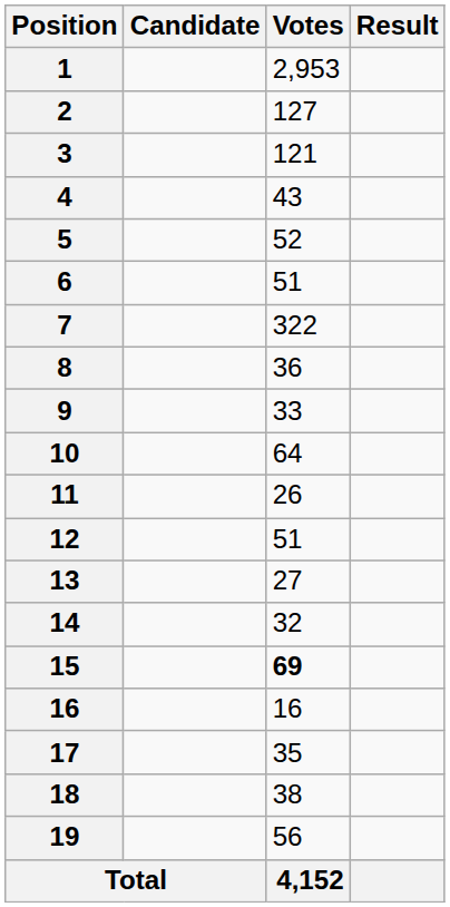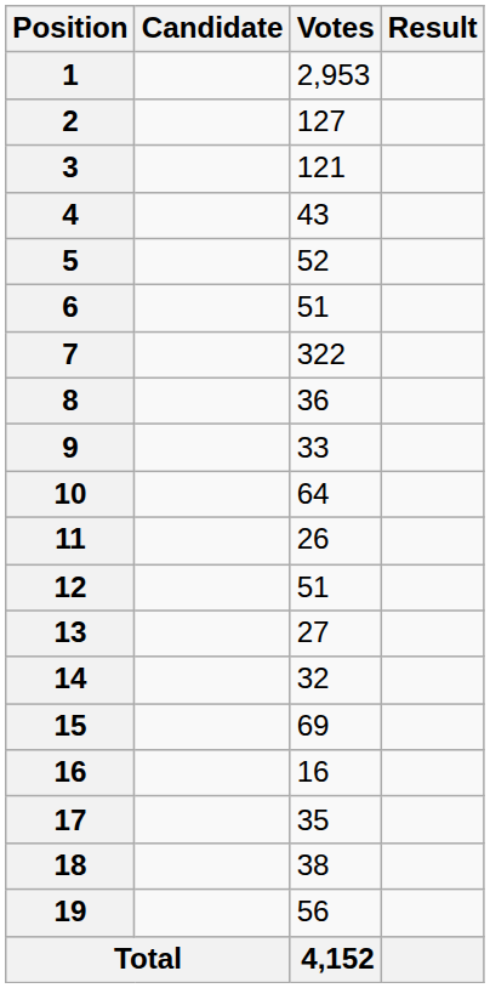 <table class="wikitable sortable col3right">
 <tr>
 <th scope="col">Position</th>
 <th scope="col">Candidate</th>
 <th scope="col">Votes</th>
 <th scope="col">Result</th>
 </tr>
 <tr>
 <th scope="row">1</th>
 <td></td>
 <td>2,953</td>
 <td></td>
 </tr>
 <tr>
 <th scope="row">2</th>
 <td></td>
 <td>127</td>
 <td></td>
 </tr>
 <tr>
 <th scope="row">3</th>
 <td></td>
 <td>121</td>
 <td></td>
 </tr>
 <tr>
 <th scope="row">4</th>
 <td></td>
 <td>43</td>
 <td></td>
 </tr>
 <tr>
 <th scope="row">5</th>
 <td></td>
 <td>52</td>
 <td></td>
 </tr>
 <tr>
 <th scope="row">6</th>
 <td></td>
 <td>51</td>
 <td></td>
 </tr>
 <tr>
 <th scope="row">7</th>
 <td></td>
 <td>322</td>
 <td></td>
 </tr>
 <tr>
 <th scope="row">8</th>
 <td></td>
 <td>36</td>
 <td></td>
 </tr>
 <tr>
 <th scope="row">9</th>
 <td></td>
 <td>33</td>
 <td></td>
 </tr>
 <tr>
 <th scope="row">10</th>
 <td></td>
 <td>64</td>
 <td></td>
 </tr>
 <tr>
 <th scope="row">11</th>
 <td></td>
 <td>26</td>
 <td></td>
 </tr>
 <tr>
 <th scope="row">12</th>
 <td></td>
 <td>51</td>
 <td></td>
 </tr>
 <tr>
 <th scope="row">13</th>
 <td></td>
 <td>27</td>
 <td></td>
 </tr>
 <tr>
 <th scope="row">14</th>
 <td></td>
 <td>32</td>
 <td></td>
 </tr>
 <tr>
 <th scope="row">15</th>
 <td></td>
-<td><strong>69</strong></td>
+<td>69</td>
 <td></td>
 </tr>
 <tr>
 <th scope="row">16</th>
 <td></td>
 <td>16</td>
 <td></td>
 </tr>
 <tr>
 <th scope="row">17</th>
 <td></td>
 <td>35</td>
 <td></td>
 </tr>
 <tr>
 <th scope="row">18</th>
 <td></td>
 <td>38</td>
 <td></td>
 </tr>
 <tr>
 <th scope="row">19</th>
 <td></td>
 <td>56</td>
 <td></td>
 </tr>
 <tr class=sortbottom>
 <th scope="row" colspan="2">Total</th>
 <th style="text-align:right">4,152</th>
 <th></th>
 </tr>
 </table>
